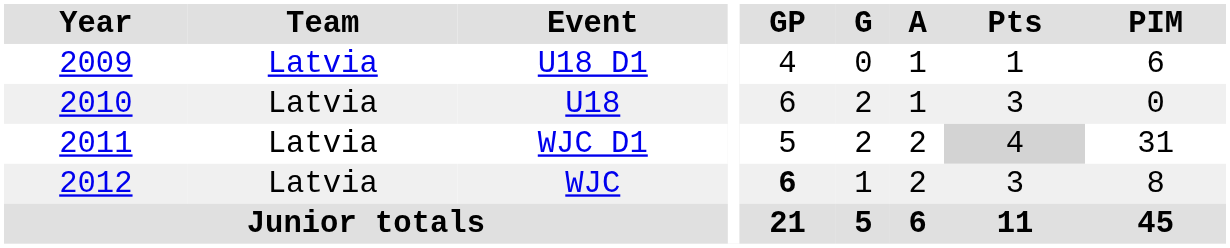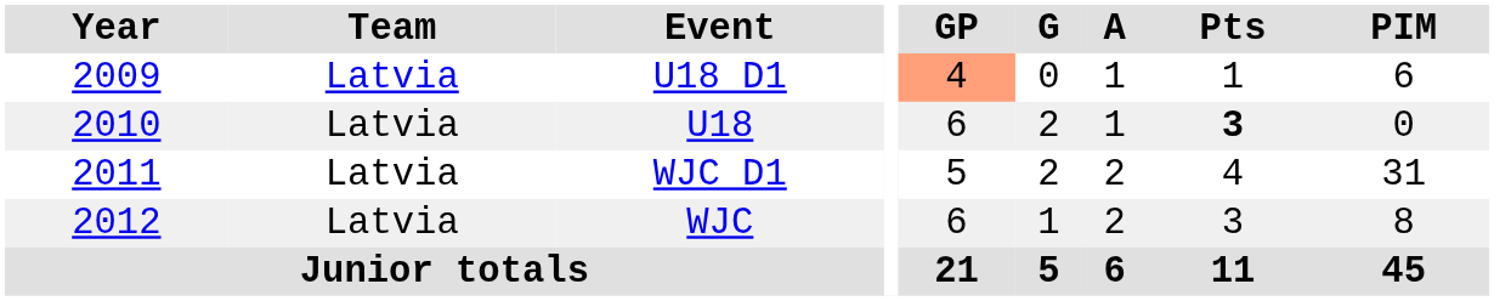 <table border="0" cellpadding="1" cellspacing="0" ID="Table3" style="text-align:center; width:40em">
 <tr bgcolor="#e0e0e0">
 <th>Year</th>
 <th>Team</th>
 <th>Event</th>
 <th rowspan="99" bgcolor="#ffffff"></th>
 <th>GP</th>
 <th>G</th>
 <th>A</th>
 <th>Pts</th>
 <th>PIM</th>
 </tr>
 <tr>
 <td><a href='#'>2009</a></td>
 <td><a href='#'>Latvia</a></td>
 <td><a href='#'>U18 D1</a></td>
-<td>4</td>
+<td style="background: lightsalmon;">4</td>
 <td>0</td>
 <td>1</td>
 <td>1</td>
 <td>6</td>
 </tr>
 <tr bgcolor="#f0f0f0">
 <td><a href='#'>2010</a></td>
 <td>Latvia</td>
 <td><a href='#'>U18</a></td>
 <td>6</td>
 <td>2</td>
 <td>1</td>
-<td>3</td>
+<td><strong>3</strong></td>
 <td>0</td>
 </tr>
 <tr>
 <td><a href='#'>2011</a></td>
 <td>Latvia</td>
 <td><a href='#'>WJC D1</a></td>
 <td>5</td>
 <td>2</td>
 <td>2</td>
-<td style="background: lightgrey;">4</td>
+<td>4</td>
 <td>31</td>
 </tr>
 <tr bgcolor="#f0f0f0">
 <td><a href='#'>2012</a></td>
 <td>Latvia</td>
 <td><a href='#'>WJC</a></td>
-<td><strong>6</strong></td>
+<td>6</td>
 <td>1</td>
 <td>2</td>
 <td>3</td>
 <td>8</td>
 </tr>
 <tr bgcolor="#e0e0e0">
 <th colspan="3">Junior totals</th>
 <th>21</th>
 <th>5</th>
 <th>6</th>
 <th>11</th>
 <th>45</th>
 </tr>
 </table>
